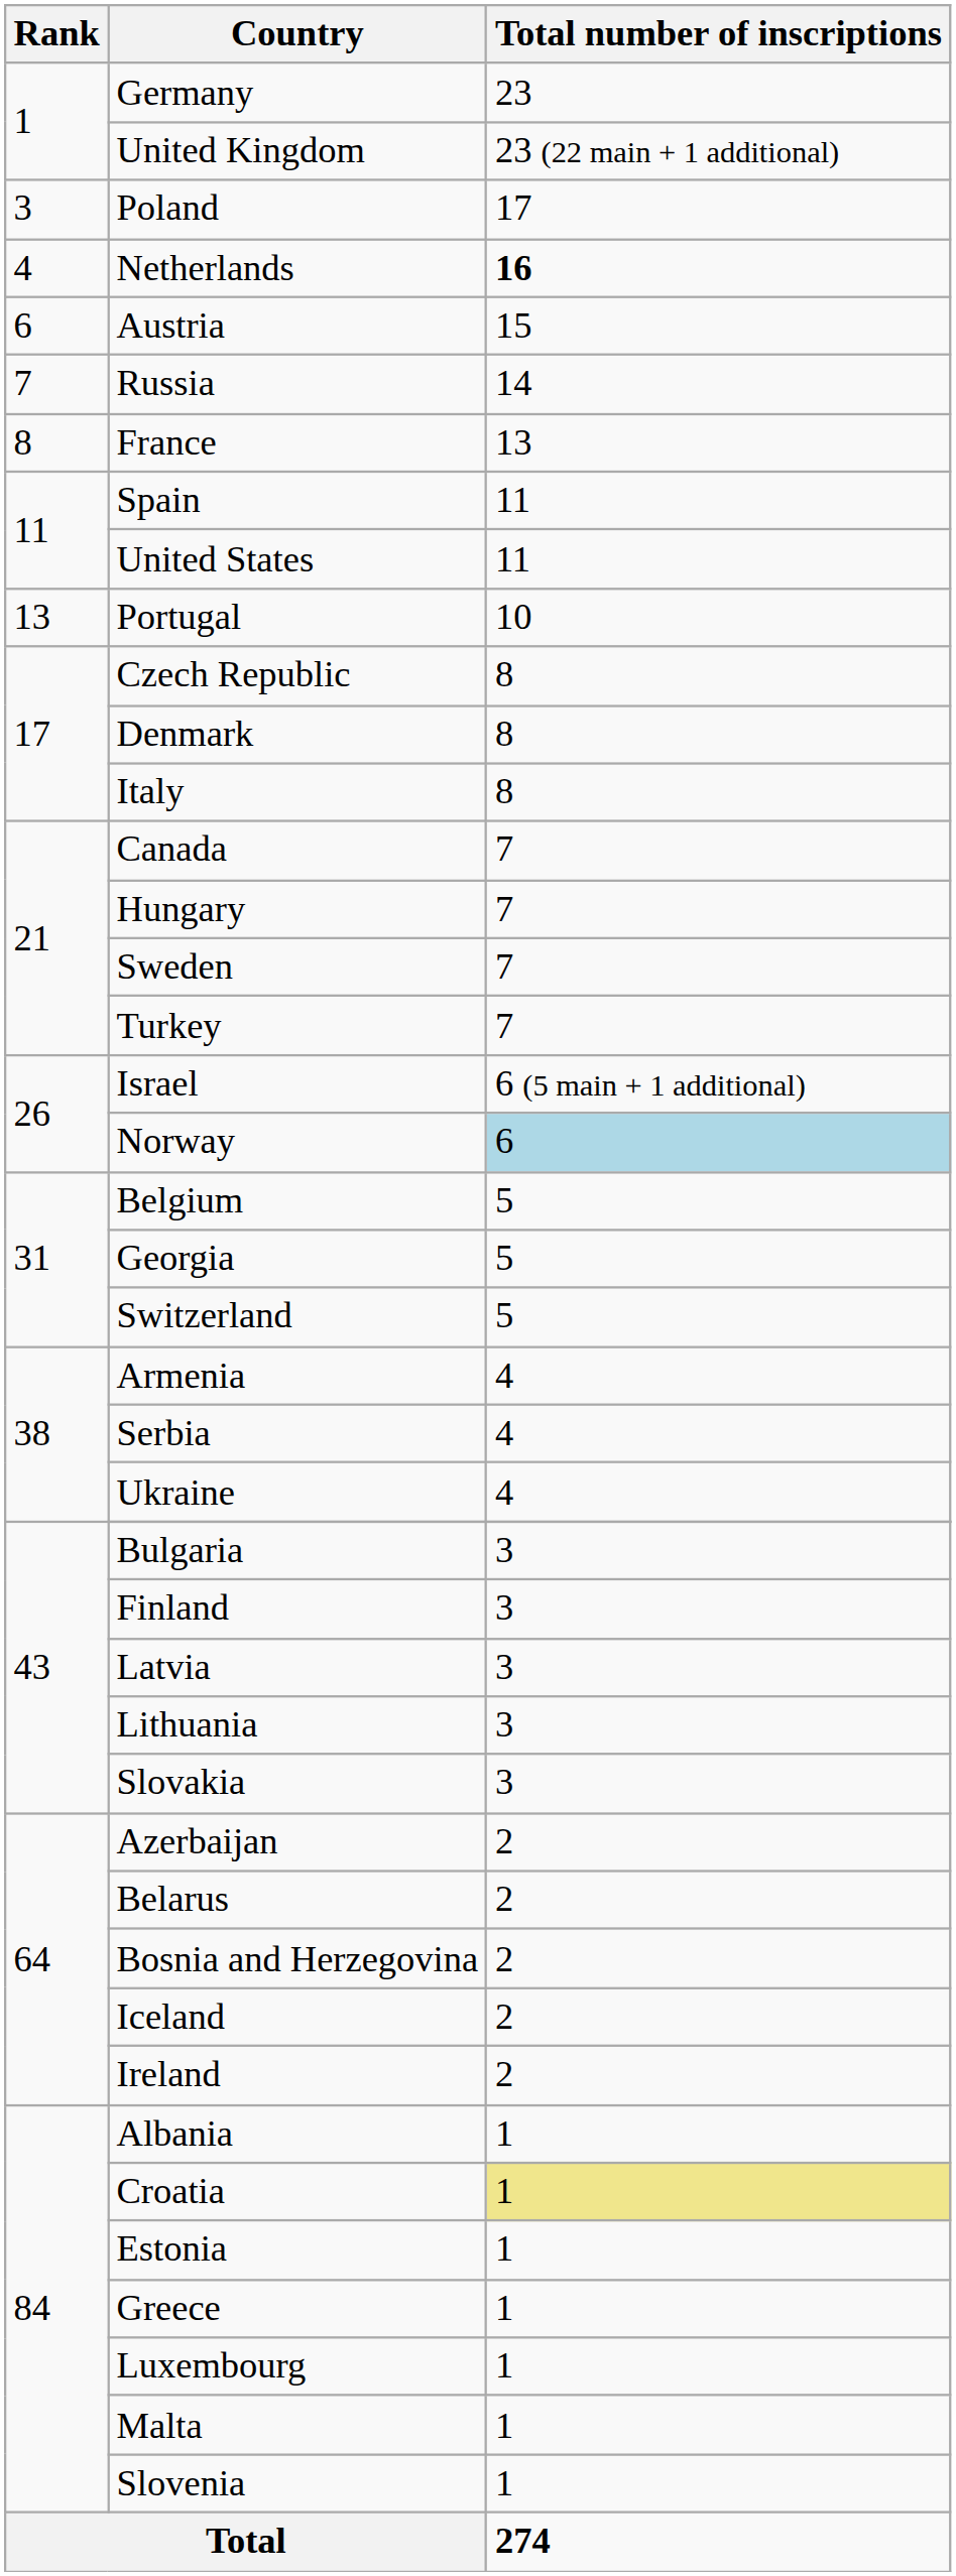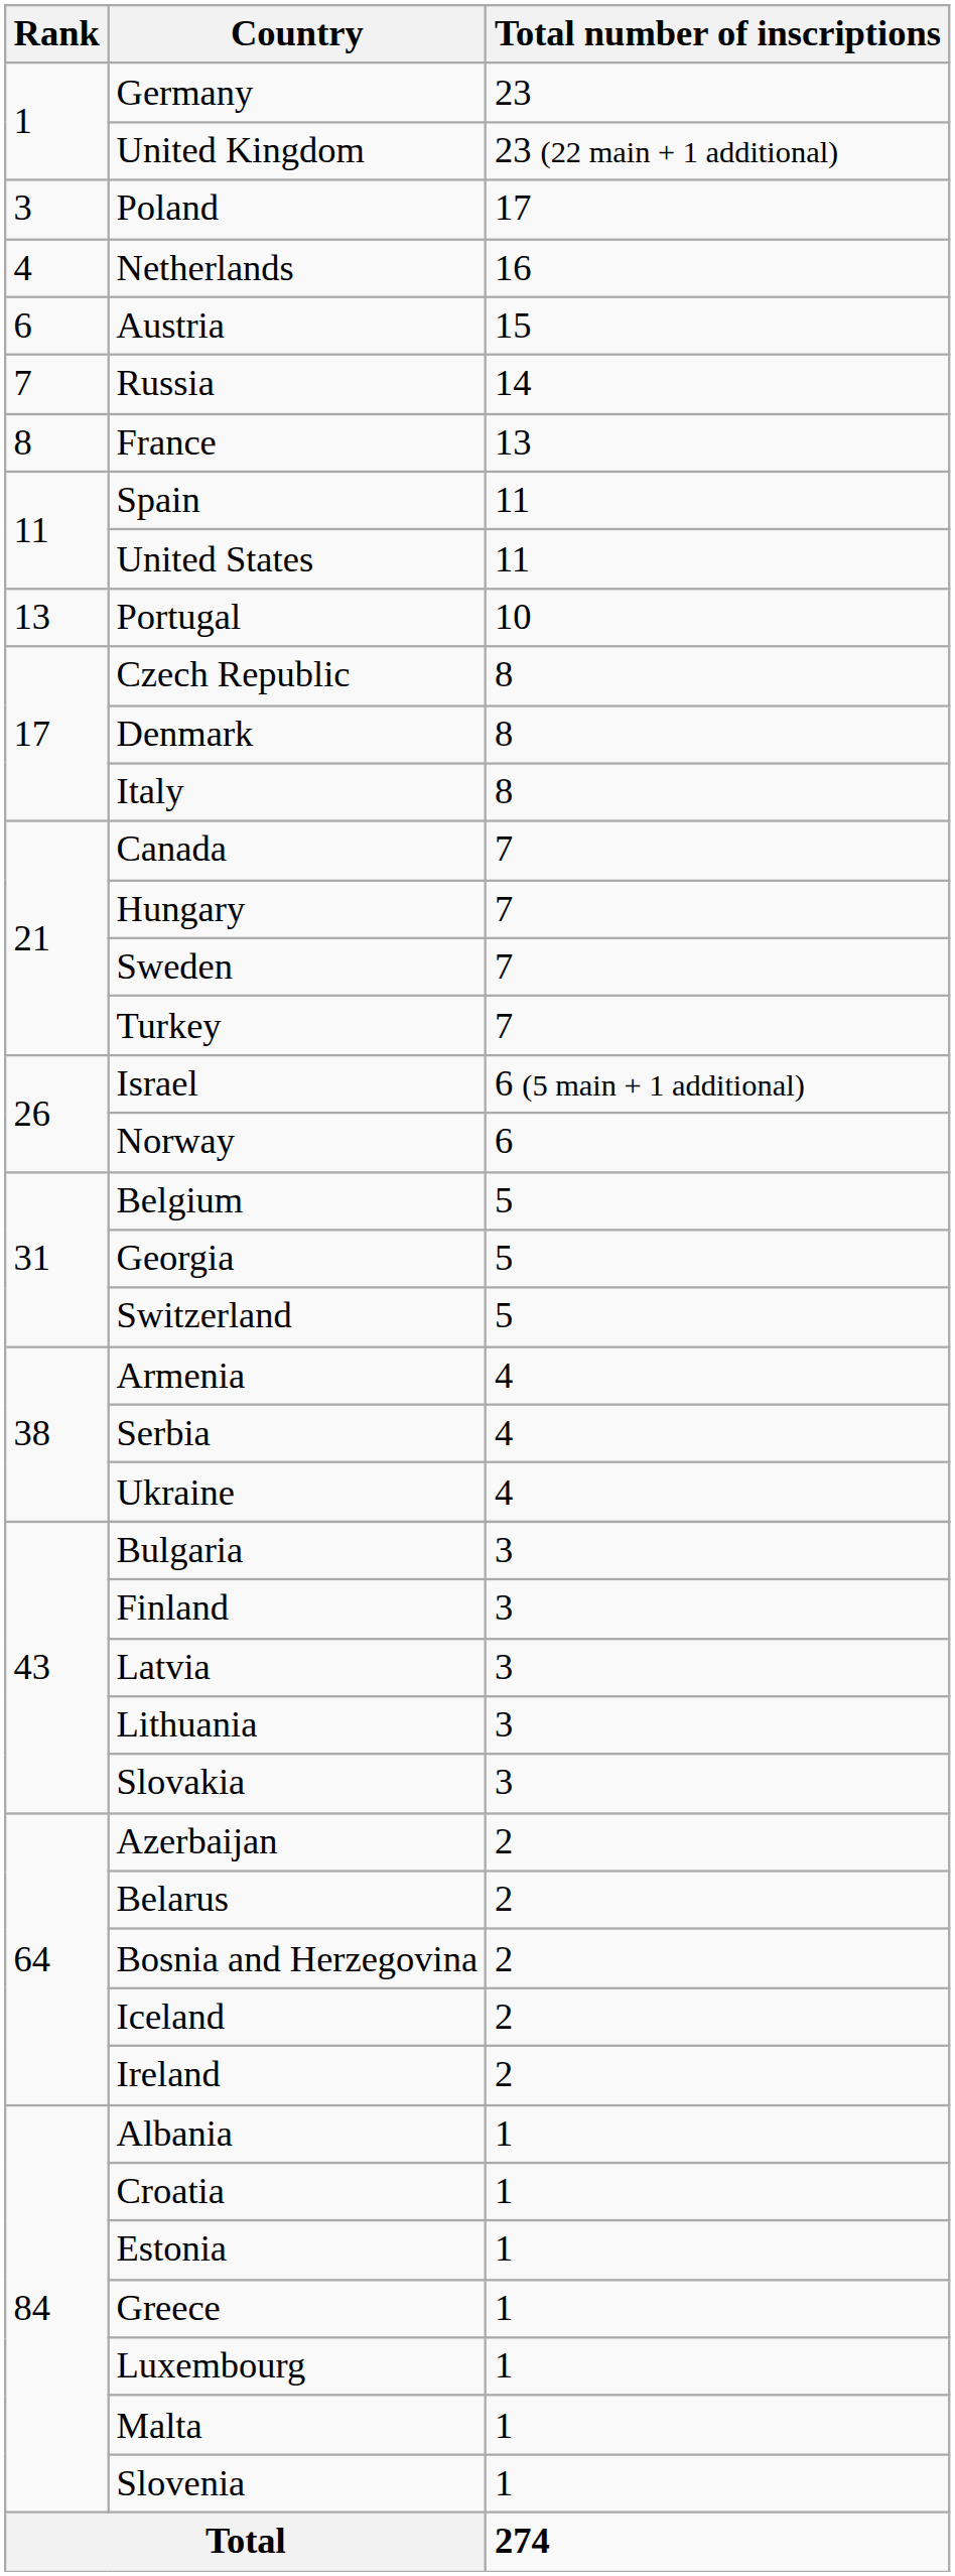 <table class="wikitable">
 <tr>
 <th>Rank</th>
 <th>Country</th>
 <th>Total number of inscriptions</th>
 </tr>
 <tr>
 <td rowspan="2">1</td>
 <td>Germany</td>
 <td>23</td>
 </tr>
 <tr>
 <td>United Kingdom</td>
 <td>23 <small>(22 main + 1 additional)</small></td>
 </tr>
 <tr>
 <td>3</td>
 <td>Poland</td>
 <td>17</td>
 </tr>
 <tr>
 <td>4</td>
 <td>Netherlands</td>
-<td><strong>16</strong></td>
+<td>16</td>
 </tr>
 <tr>
 <td>6</td>
 <td>Austria</td>
 <td>15</td>
 </tr>
 <tr>
 <td>7</td>
 <td>Russia</td>
 <td>14</td>
 </tr>
 <tr>
 <td>8</td>
 <td>France</td>
 <td>13</td>
 </tr>
 <tr>
 <td rowspan="2">11</td>
 <td>Spain</td>
 <td>11</td>
 </tr>
 <tr>
 <td>United States</td>
 <td>11</td>
 </tr>
 <tr>
 <td>13</td>
 <td>Portugal</td>
 <td>10</td>
 </tr>
 <tr>
 <td rowspan="3">17</td>
 <td>Czech Republic</td>
 <td>8</td>
 </tr>
 <tr>
 <td>Denmark</td>
 <td>8</td>
 </tr>
 <tr>
 <td>Italy</td>
 <td>8</td>
 </tr>
 <tr>
 <td rowspan="4">21</td>
 <td>Canada</td>
 <td>7</td>
 </tr>
 <tr>
 <td>Hungary</td>
 <td>7</td>
 </tr>
 <tr>
 <td>Sweden</td>
 <td>7</td>
 </tr>
 <tr>
 <td>Turkey</td>
 <td>7</td>
 </tr>
 <tr>
 <td rowspan="2">26</td>
 <td>Israel</td>
 <td>6 <small>(5 main + 1 additional)</small></td>
 </tr>
 <tr>
 <td>Norway</td>
-<td style="background: lightblue;">6</td>
+<td>6</td>
 </tr>
 <tr>
 <td rowspan="3">31</td>
 <td>Belgium</td>
 <td>5</td>
 </tr>
 <tr>
 <td>Georgia</td>
 <td>5</td>
 </tr>
 <tr>
 <td>Switzerland</td>
 <td>5</td>
 </tr>
 <tr>
 <td rowspan="3">38</td>
 <td>Armenia</td>
 <td>4</td>
 </tr>
 <tr>
 <td>Serbia</td>
 <td>4</td>
 </tr>
 <tr>
 <td>Ukraine</td>
 <td>4</td>
 </tr>
 <tr>
 <td rowspan="6">43</td>
 </tr>
 <tr>
 <td>Bulgaria</td>
 <td>3</td>
 </tr>
 <tr>
 <td>Finland</td>
 <td>3</td>
 </tr>
 <tr>
 <td>Latvia</td>
 <td>3</td>
 </tr>
 <tr>
 <td>Lithuania</td>
 <td>3</td>
 </tr>
 <tr>
 <td>Slovakia</td>
 <td>3</td>
 </tr>
 <tr>
 <td rowspan="5">64</td>
 <td>Azerbaijan</td>
 <td>2</td>
 </tr>
 <tr>
 <td>Belarus</td>
 <td>2</td>
 </tr>
 <tr>
 <td>Bosnia and Herzegovina</td>
 <td>2</td>
 </tr>
 <tr>
 <td>Iceland</td>
 <td>2</td>
 </tr>
 <tr>
 <td>Ireland</td>
 <td>2</td>
 </tr>
 <tr>
 <td rowspan="7">84</td>
 <td>Albania</td>
 <td>1</td>
 </tr>
 <tr>
 <td>Croatia</td>
-<td style="background: khaki;">1</td>
+<td>1</td>
 </tr>
 <tr>
 <td>Estonia</td>
 <td>1</td>
 </tr>
 <tr>
 <td>Greece</td>
 <td>1</td>
 </tr>
 <tr>
 <td>Luxembourg</td>
 <td>1</td>
 </tr>
 <tr>
 <td>Malta</td>
 <td>1</td>
 </tr>
 <tr>
 <td>Slovenia</td>
 <td>1</td>
 </tr>
 <tr>
 <th colspan="2">Total</th>
 <td><strong>274</strong></td>
 </tr>
 </table>
